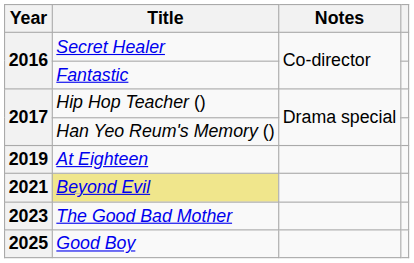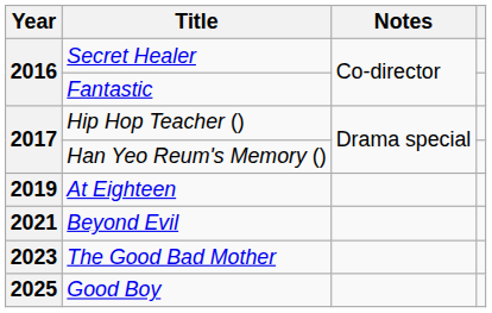 <table class="wikitable plainrowheaders sortable">
 <tr>
 <th scope="col">Year</th>
 <th scope="col">Title</th>
 <th scope="col">Notes</th>
 <th scope="col"></th>
 </tr>
 <tr>
 <th scope="row" rowspan="2">2016</th>
 <td><em><a href='#'>Secret Healer</a></em></td>
 <td rowspan="2">Co-director</td>
 <td style="text-align:center"></td>
 </tr>
 <tr>
 <td><em><a href='#'>Fantastic</a></em></td>
 <td style="text-align:center"></td>
 </tr>
 <tr>
 <th scope="row" rowspan="2">2017</th>
 <td><em>Hip Hop Teacher</em> ()</td>
 <td rowspan="2">Drama special</td>
 <td style="text-align:center"></td>
 </tr>
 <tr>
 <td><em>Han Yeo Reum's Memory</em> ()</td>
 <td style="text-align:center"></td>
 </tr>
 <tr>
 <th scope="row">2019</th>
 <td><em><a href='#'>At Eighteen</a></em></td>
 <td></td>
 <td style="text-align:center"></td>
 </tr>
 <tr>
 <th scope="row">2021</th>
-<td style="background: khaki;"><em><a href='#'>Beyond Evil</a></em></td>
+<td><em><a href='#'>Beyond Evil</a></em></td>
 <td></td>
 <td style="text-align:center"></td>
 </tr>
 <tr>
 <th scope="row">2023</th>
 <td><em><a href='#'>The Good Bad Mother</a></em></td>
 <td></td>
 <td style="text-align:center"></td>
 </tr>
 <tr>
 <th scope="row">2025</th>
 <td><em><a href='#'>Good Boy</a></em></td>
 <td></td>
 <td style="text-align:center"></td>
 </tr>
 </table>
